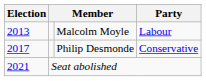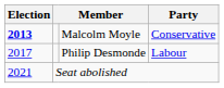 <table class="wikitable">
 <tr>
 <th>Election</th>
 <th colspan="2">Member</th>
 <th>Party</th>
 </tr>
 <tr>
-<td><a href='#'>2013</a></td>
+<td><strong><a href='#'>2013</a></strong></td>
 <td rowspan="1" style="background-color: "></td>
 <td rowspan="1">Malcolm Moyle</td>
-<td rowspan="1"><a href='#'>Labour</a></td>
+<td rowspan="1"><a href='#'>Conservative</a></td>
 </tr>
 <tr>
 <td><a href='#'>2017</a></td>
 <td rowspan="1" style="background-color: "></td>
 <td rowspan="1">Philip Desmonde</td>
-<td rowspan="1"><a href='#'>Conservative</a></td>
+<td rowspan="1"><a href='#'>Labour</a></td>
 </tr>
 <tr>
 <td><a href='#'>2021</a></td>
 <td colspan="3"><em>Seat abolished</em></td>
 </tr>
 </table>
